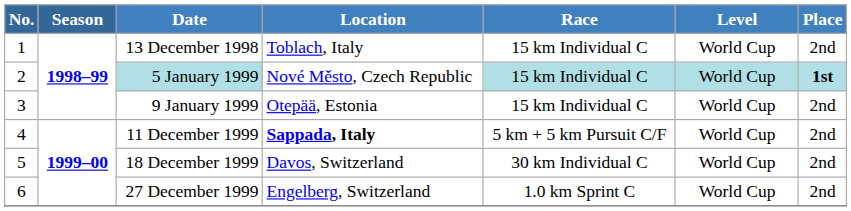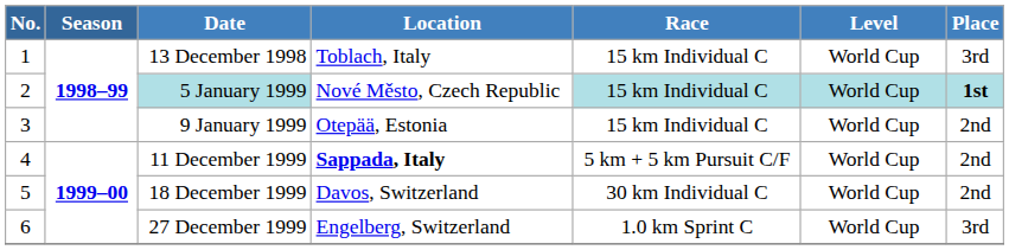 <table class="wikitable sortable" style="font-size:95%; text-align:center; border:grey solid 1px; border-collapse:collapse; background:#ffffff;">
 <tr style="background:#efefef;">
 <th style="background-color:#369; color:white;">No.</th>
 <th style="background-color:#369; color:white;">Season</th>
 <th style="background-color:#4180be; color:white; width:120px;">Date</th>
 <th style="background-color:#4180be; color:white; width:185px;">Location</th>
 <th style="background-color:#4180be; color:white; width:160px;">Race</th>
 <th style="background-color:#4180be; color:white; width:100px;">Level</th>
 <th style="background-color:#4180be; color:white;">Place</th>
 </tr>
 <tr>
 <td align=center>1</td>
 <td rowspan=3 align=center><strong> <a href='#'>1998–99</a> </strong></td>
 <td align=right>13 December 1998</td>
 <td align=left> <a href='#'>Toblach</a>, Italy</td>
 <td>15 km Individual C</td>
 <td>World Cup</td>
-<td>2nd</td>
+<td>3rd</td>
 </tr>
 <tr>
 <td align=center>2</td>
 <td bgcolor="#BOEOE6" align=right>5 January 1999</td>
 <td align=left> <a href='#'>Nové Město</a>, Czech Republic</td>
 <td bgcolor="#BOEOE6">15 km Individual C</td>
 <td bgcolor="#BOEOE6">World Cup</td>
 <td bgcolor="#BOEOE6"><strong>1st</strong></td>
 </tr>
 <tr>
 <td align=center>3</td>
 <td align=right>9 January 1999</td>
 <td align=left> <a href='#'>Otepää</a>, Estonia</td>
 <td>15 km Individual C</td>
 <td>World Cup</td>
 <td>2nd</td>
 </tr>
 <tr>
 <td align=center>4</td>
 <td rowspan=3 align=center><strong> <a href='#'>1999–00</a> </strong></td>
 <td align=right>11 December 1999</td>
 <td align=left><strong> <a href='#'>Sappada</a>, Italy</strong></td>
 <td>5 km + 5 km Pursuit C/F</td>
 <td>World Cup</td>
 <td>2nd</td>
 </tr>
 <tr>
 <td align=center>5</td>
 <td align=right>18 December 1999</td>
 <td align=left> <a href='#'>Davos</a>, Switzerland</td>
 <td>30 km Individual C</td>
 <td>World Cup</td>
 <td>2nd</td>
 </tr>
 <tr>
 <td align=center>6</td>
 <td align=right>27 December 1999</td>
 <td align=left> <a href='#'>Engelberg</a>, Switzerland</td>
 <td>1.0 km Sprint C</td>
 <td>World Cup</td>
-<td>2nd</td>
+<td>3rd</td>
 </tr>
 <tr>
 </tr>
 </table>
